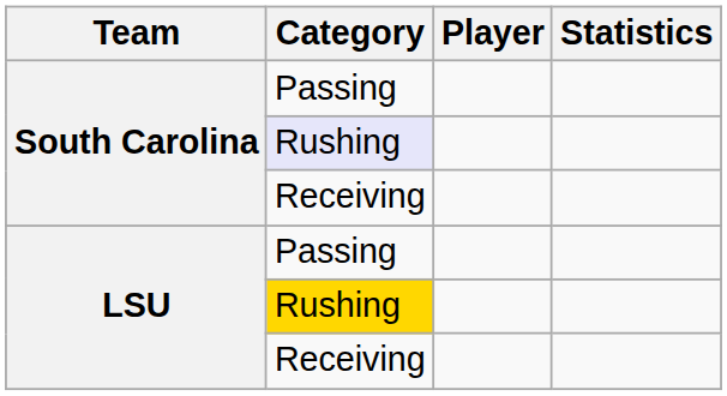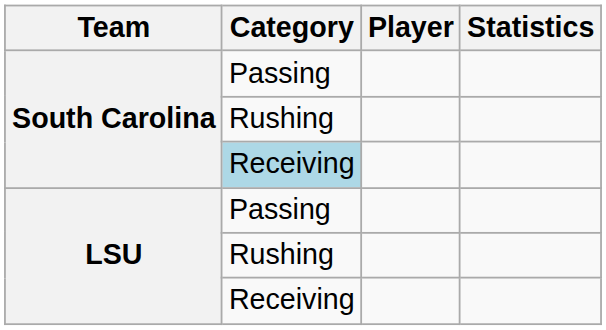 <table class="wikitable" style="float:right">
 <tr>
 <th>Team</th>
 <th>Category</th>
 <th>Player</th>
 <th>Statistics</th>
 </tr>
 <tr>
 <th rowspan=3>South Carolina</th>
 <td>Passing</td>
 <td></td>
 <td></td>
 </tr>
 <tr>
-<td style="background: lavender;">Rushing</td>
+<td>Rushing</td>
 <td></td>
 <td></td>
 </tr>
 <tr>
-<td>Receiving</td>
+<td style="background: lightblue;">Receiving</td>
 <td></td>
 <td></td>
 </tr>
 <tr>
 <th rowspan=3>LSU</th>
 <td>Passing</td>
 <td></td>
 <td></td>
 </tr>
 <tr>
-<td style="background: gold;">Rushing</td>
+<td>Rushing</td>
 <td></td>
 <td></td>
 </tr>
 <tr>
 <td>Receiving</td>
 <td></td>
 <td></td>
 </tr>
 </table>
